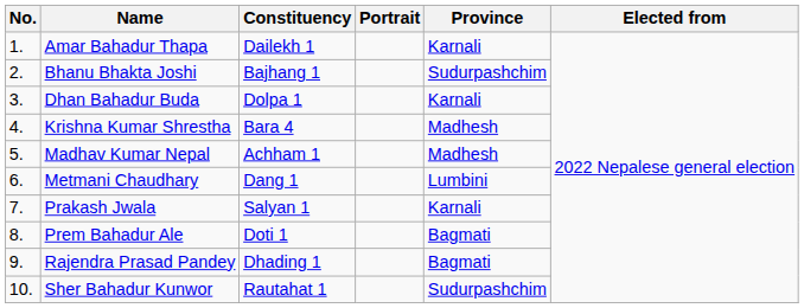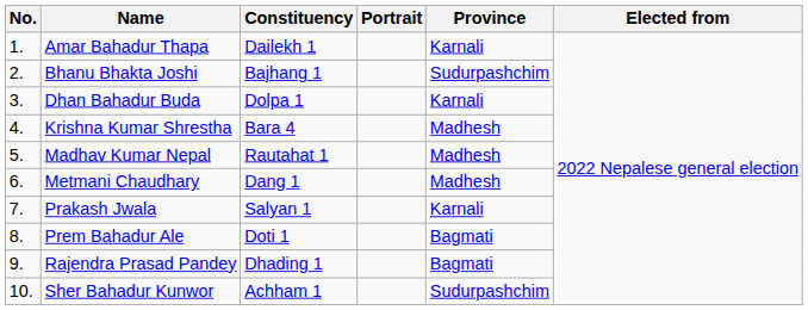 <table class="wikitable">
 <tr>
 <th style="background-color:">No.</th>
 <th style="background-color:">Name</th>
 <th style="background-color:">Constituency</th>
 <th style="background-color:">Portrait</th>
 <th style="background-color:">Province</th>
 <th style="background-color:">Elected from</th>
 </tr>
 <tr>
 <td>1.</td>
 <td><a href='#'>Amar Bahadur Thapa</a></td>
 <td><a href='#'>Dailekh 1</a></td>
 <td></td>
 <td><a href='#'>Karnali</a></td>
 <td rowspan="10"><a href='#'>2022 Nepalese general election</a></td>
 </tr>
 <tr>
 <td>2.</td>
 <td><a href='#'>Bhanu Bhakta Joshi</a></td>
 <td><a href='#'>Bajhang 1</a></td>
 <td></td>
 <td><a href='#'>Sudurpashchim</a></td>
 </tr>
 <tr>
 <td>3.</td>
 <td><a href='#'>Dhan Bahadur Buda</a></td>
 <td><a href='#'>Dolpa 1</a></td>
 <td></td>
 <td><a href='#'>Karnali</a></td>
 </tr>
 <tr>
 <td>4.</td>
 <td><a href='#'>Krishna Kumar Shrestha</a></td>
 <td><a href='#'>Bara 4</a></td>
 <td></td>
 <td><a href='#'>Madhesh</a></td>
 </tr>
 <tr>
 <td>5.</td>
 <td><a href='#'>Madhav Kumar Nepal</a></td>
-<td><a href='#'>Achham 1</a></td>
+<td><a href='#'>Rautahat 1</a></td>
 <td></td>
 <td><a href='#'>Madhesh</a></td>
 </tr>
 <tr>
 <td>6.</td>
 <td><a href='#'>Metmani Chaudhary</a></td>
 <td><a href='#'>Dang 1</a></td>
 <td></td>
-<td><a href='#'>Lumbini</a></td>
+<td><a href='#'>Madhesh</a></td>
 </tr>
 <tr>
 <td>7.</td>
 <td><a href='#'>Prakash Jwala</a></td>
 <td><a href='#'>Salyan 1</a></td>
 <td></td>
 <td><a href='#'>Karnali</a></td>
 </tr>
 <tr>
 <td>8.</td>
 <td><a href='#'>Prem Bahadur Ale</a></td>
 <td><a href='#'>Doti 1</a></td>
 <td></td>
 <td><a href='#'>Bagmati</a></td>
 </tr>
 <tr>
 <td>9.</td>
 <td><a href='#'>Rajendra Prasad Pandey</a></td>
 <td><a href='#'>Dhading 1</a></td>
 <td></td>
 <td><a href='#'>Bagmati</a></td>
 </tr>
 <tr>
 <td>10.</td>
 <td><a href='#'>Sher Bahadur Kunwor</a></td>
-<td><a href='#'>Rautahat 1</a></td>
+<td><a href='#'>Achham 1</a></td>
 <td></td>
 <td><a href='#'>Sudurpashchim</a></td>
 </tr>
 </table>
